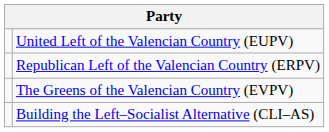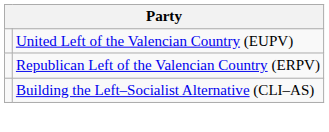 <table class="wikitable" style="text-align:left; font-size:97%;">
 <tr>
 <th colspan="2">Party</th>
 </tr>
 <tr>
 <td width="1"></td>
 <td><a href='#'>United Left of the Valencian Country</a> (EUPV)</td>
 </tr>
 <tr>
 <td></td>
 <td><a href='#'>Republican Left of the Valencian Country</a> (ERPV)</td>
 </tr>
 <tr>
 <td></td>
-<td><a href='#'>The Greens of the Valencian Country</a> (EVPV)</td>
-</tr>
-<tr>
-<td></td>
 <td><a href='#'>Building the Left–Socialist Alternative</a> (CLI–AS)</td>
 </tr>
 </table>
